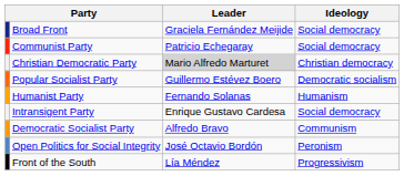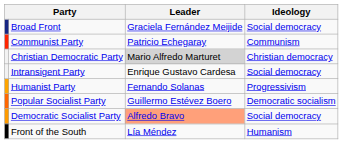 <table class="wikitable" style="font-size:95%">
 <tr>
 <th colspan=2>Party</th>
 <th>Leader</th>
 <th>Ideology</th>
 </tr>
 <tr>
 <td style="background:#172683"></td>
 <td><a href='#'>Broad Front</a></td>
 <td><a href='#'>Graciela Fernández Meijide</a></td>
 <td><a href='#'>Social democracy</a></td>
 </tr>
 <tr>
 <td style="background:#ff2400"></td>
 <td><a href='#'>Communist Party</a></td>
 <td><a href='#'>Patricio Echegaray</a></td>
-<td><a href='#'>Social democracy</a></td>
+<td><a href='#'>Communism</a></td>
 </tr>
 <tr>
 <th style="background:"></th>
 <td><a href='#'>Christian Democratic Party</a></td>
 <td style="background: lightgrey;">Mario Alfredo Marturet</td>
 <td><a href='#'>Christian democracy</a></td>
 </tr>
 <tr>
+<th style="background:"></th>
+<td><a href='#'>Intransigent Party</a></td>
+<td>Enrique Gustavo Cardesa</td>
+<td><a href='#'>Social democracy</a></td>
+</tr>
+<tr>
+<td style="background:orange"></td>
+<td><a href='#'>Humanist Party</a></td>
+<td><a href='#'>Fernando Solanas</a></td>
+<td><a href='#'>Progressivism</a></td>
+</tr>
+<tr>
 <th style="background:#FF6700;"></th>
 <td><a href='#'>Popular Socialist Party</a></td>
 <td><a href='#'>Guillermo Estévez Boero</a></td>
 <td><a href='#'>Democratic socialism</a></td>
 </tr>
 <tr>
-<td style="background:orange"></td>
-<td><a href='#'>Humanist Party</a></td>
-<td><a href='#'>Fernando Solanas</a></td>
-<td><a href='#'>Humanism</a></td>
-</tr>
-<tr>
-<th style="background:"></th>
-<td><a href='#'>Intransigent Party</a></td>
-<td>Enrique Gustavo Cardesa</td>
-<td><a href='#'>Social democracy</a></td>
-</tr>
-<tr>
 <th style="background:#FE9B00;"></th>
 <td><a href='#'>Democratic Socialist Party</a></td>
-<td><a href='#'>Alfredo Bravo</a></td>
-<td><a href='#'>Communism</a></td>
-</tr>
-<tr>
-<th style="background:#4f85c5;"></th>
-<td><a href='#'>Open Politics for Social Integrity</a></td>
-<td><a href='#'>José Octavio Bordón</a></td>
-<td><a href='#'>Peronism</a></td>
+<td style="background: lightsalmon;"><a href='#'>Alfredo Bravo</a></td>
+<td><a href='#'>Social democracy</a></td>
 </tr>
 <tr>
 <td style="background:#000000"></td>
 <td>Front of the South</td>
 <td><a href='#'>Lía Méndez</a></td>
-<td><a href='#'>Progressivism</a></td>
+<td><a href='#'>Humanism</a></td>
 </tr>
 </table>
